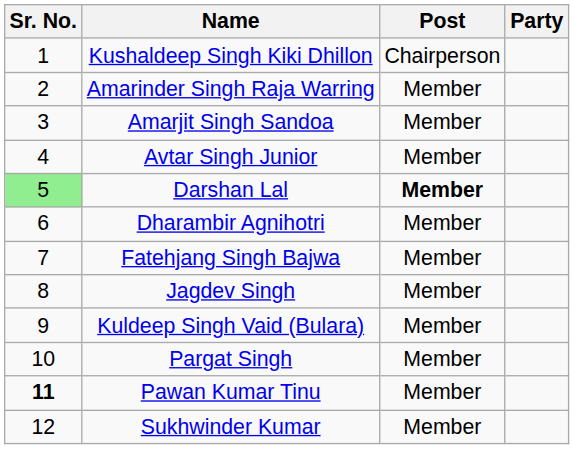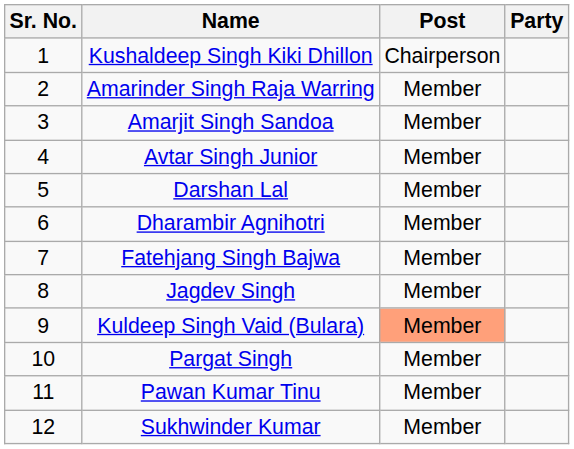 <table class="wikitable sortable">
 <tr>
 <th>Sr. No.</th>
 <th>Name</th>
 <th>Post</th>
 <th colspan="2">Party</th>
 </tr>
 <tr align="center">
 <td>1</td>
 <td><a href='#'>Kushaldeep Singh Kiki Dhillon</a></td>
 <td>Chairperson</td>
 <td></td>
 </tr>
 <tr align="center">
 <td>2</td>
 <td><a href='#'>Amarinder Singh Raja Warring</a></td>
 <td>Member</td>
 <td></td>
 </tr>
 <tr align="center">
 <td>3</td>
 <td><a href='#'>Amarjit Singh Sandoa</a></td>
 <td>Member</td>
 <td></td>
 </tr>
 <tr align="center">
 <td>4</td>
 <td><a href='#'>Avtar Singh Junior</a></td>
 <td>Member</td>
 <td></td>
 </tr>
 <tr align="center">
-<td style="background: lightgreen;">5</td>
+<td>5</td>
 <td><a href='#'>Darshan Lal</a></td>
-<td><strong>Member</strong></td>
+<td>Member</td>
 <td></td>
 </tr>
 <tr align="center">
 <td>6</td>
 <td><a href='#'>Dharambir Agnihotri</a></td>
 <td>Member</td>
 <td></td>
 </tr>
 <tr align="center">
 <td>7</td>
 <td><a href='#'>Fatehjang Singh Bajwa</a></td>
 <td>Member</td>
 <td></td>
 </tr>
 <tr align="center">
 <td>8</td>
 <td><a href='#'>Jagdev Singh</a></td>
 <td>Member</td>
 <td></td>
 </tr>
 <tr align="center">
 <td>9</td>
 <td><a href='#'>Kuldeep Singh Vaid (Bulara)</a></td>
-<td>Member</td>
+<td style="background: lightsalmon;">Member</td>
 <td></td>
 </tr>
 <tr align="center">
 <td>10</td>
 <td><a href='#'>Pargat Singh</a></td>
 <td>Member</td>
 <td></td>
 </tr>
 <tr align="center">
-<td><strong>11</strong></td>
+<td>11</td>
 <td><a href='#'>Pawan Kumar Tinu</a></td>
 <td>Member</td>
 <td></td>
 </tr>
 <tr align="center">
 <td>12</td>
 <td><a href='#'>Sukhwinder Kumar</a></td>
 <td>Member</td>
 <td></td>
 </tr>
 </table>
